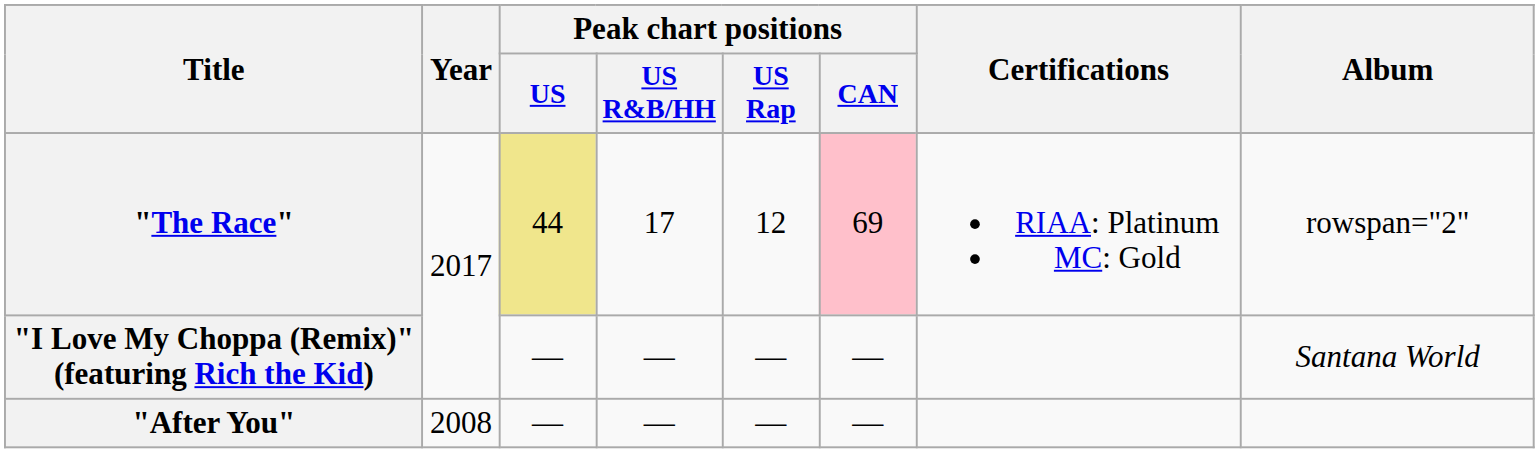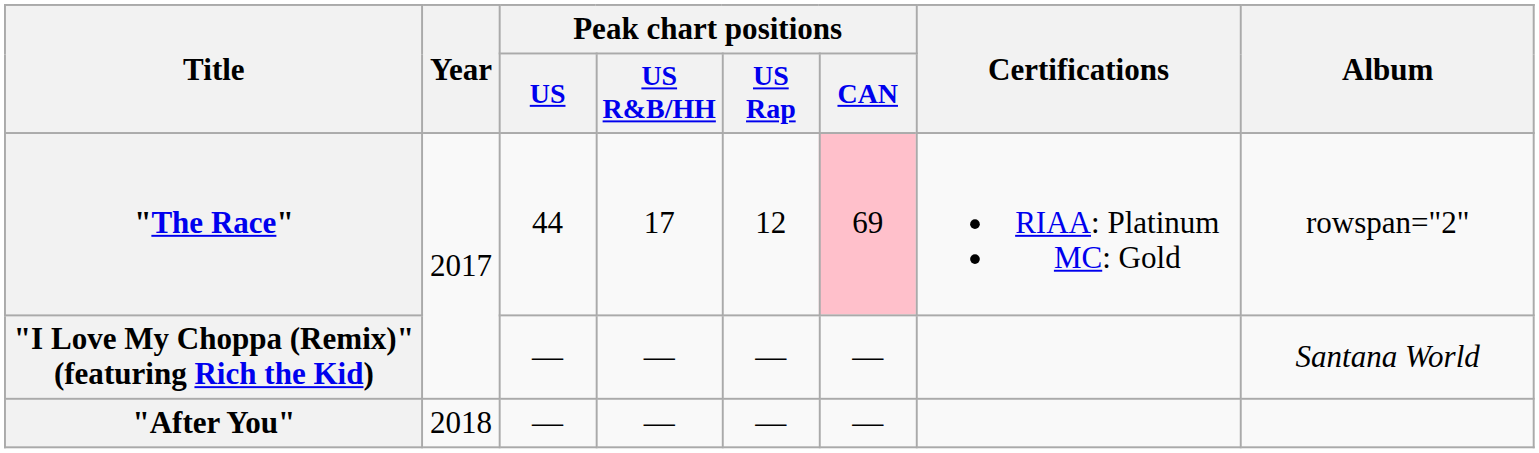 <table class="wikitable plainrowheaders" style="text-align:center;">
 <tr>
 <th scope="col" rowspan="2" style="width:13em;">Title</th>
 <th scope="col" rowspan="2" style="width:1em;">Year</th>
 <th scope="col" colspan="4" style="width:1em;">Peak chart positions</th>
 <th scope="col" rowspan="2" style="width:10em;">Certifications</th>
 <th scope="col" rowspan="2" style="width:9em;">Album</th>
 </tr>
 <tr>
 <th scope="col" style="width:3em;font-size:90%;"><a href='#'>US</a><br></th>
 <th scope="col" style="width:3em;font-size:90%;"><a href='#'>US<br>R&B/HH</a><br></th>
 <th scope="col" style="width:3em;font-size:90%;"><a href='#'>US<br>Rap</a><br></th>
 <th scope="col" style="width:3em;font-size:90%;"><a href='#'>CAN</a><br></th>
 </tr>
 <tr>
 <th scope="row">"<a href='#'>The Race</a>"</th>
 <td rowspan="2">2017</td>
-<td style="background: khaki;">44</td>
+<td>44</td>
 <td>17</td>
 <td>12</td>
 <td style="background: pink;">69</td>
 <td><br><ul><li><a href='#'>RIAA</a>: Platinum</li><li><a href='#'>MC</a>: Gold</li></ul></td>
 <td>rowspan="2" </td>
 </tr>
 <tr>
 <th scope="row">"I Love My Choppa (Remix)"<br><span>(featuring <a href='#'>Rich the Kid</a>)</span></th>
 <td>—</td>
 <td>—</td>
 <td>—</td>
 <td>—</td>
 <td></td>
 <td><em>Santana World</em></td>
 </tr>
 <tr>
 <th scope="row">"After You"</th>
-<td>2008</td>
+<td>2018</td>
 <td>—</td>
 <td>—</td>
 <td>—</td>
 <td>—</td>
 <td></td>
 </tr>
 </table>
